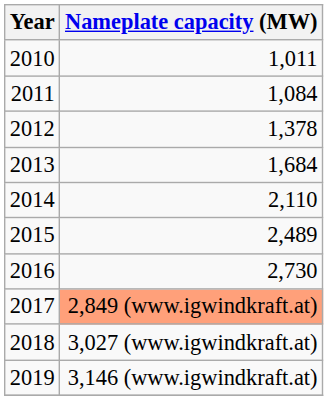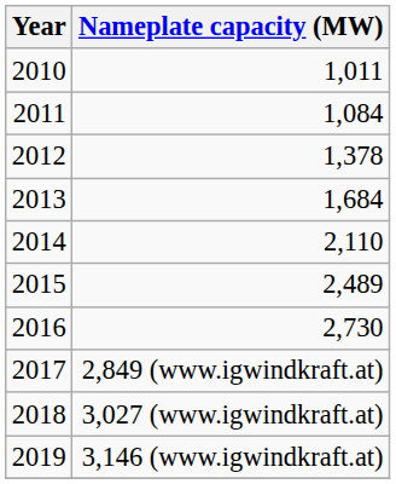 <table style="text-align: right" class="wikitable">
 <tr>
 <th>Year</th>
 <th><a href='#'>Nameplate capacity</a> (MW)</th>
 </tr>
 <tr>
 <td>2010</td>
 <td>1,011</td>
 </tr>
 <tr>
 <td>2011</td>
 <td>1,084</td>
 </tr>
 <tr>
 <td>2012</td>
 <td>1,378</td>
 </tr>
 <tr>
 <td>2013</td>
 <td>1,684</td>
 </tr>
 <tr>
 <td>2014</td>
 <td>2,110</td>
 </tr>
 <tr>
 <td>2015</td>
 <td>2,489</td>
 </tr>
 <tr>
 <td>2016</td>
 <td>2,730</td>
 </tr>
 <tr>
 <td>2017</td>
-<td style="background: lightsalmon;">2,849 (www.igwindkraft.at)</td>
+<td>2,849 (www.igwindkraft.at)</td>
 </tr>
 <tr>
 <td>2018</td>
 <td>3,027 (www.igwindkraft.at)</td>
 </tr>
 <tr>
 <td>2019</td>
 <td>3,146 (www.igwindkraft.at)</td>
 </tr>
 <tr>
 </tr>
 </table>
